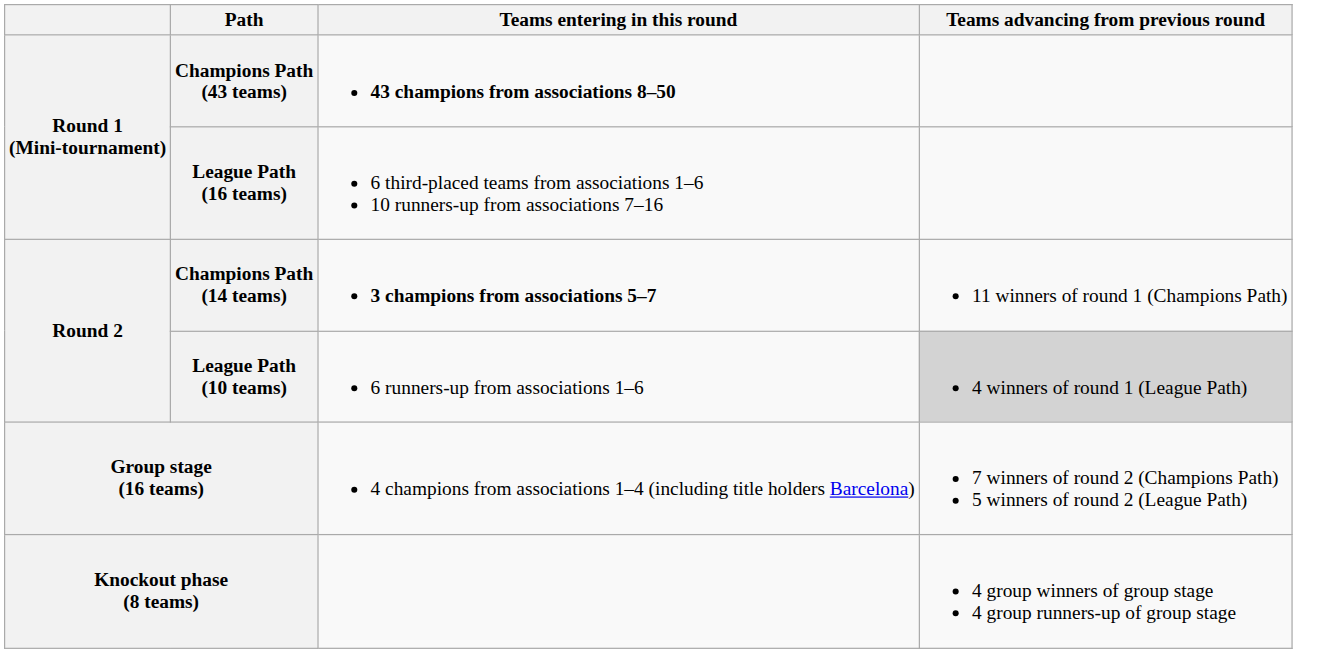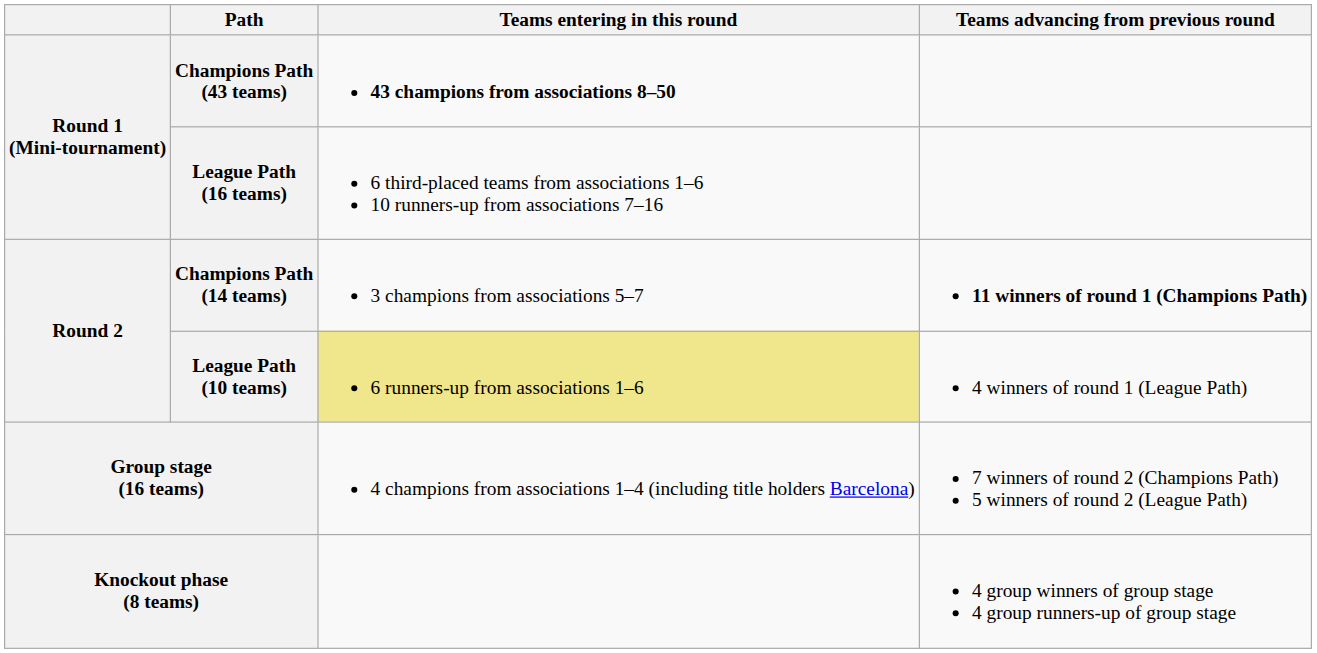 <table class="wikitable">
 <tr>
 <th></th>
 <th>Path</th>
 <th>Teams entering in this round</th>
 <th>Teams advancing from previous round</th>
 </tr>
 <tr>
 <th rowspan="2">Round 1<br>(Mini-tournament)</th>
 <th>Champions Path<br>(43 teams)</th>
 <td><strong><br><ul><li>43 champions from associations 8–50</li></ul></strong></td>
 <td></td>
 </tr>
 <tr>
 <th>League Path<br>(16 teams)</th>
 <td><br><ul><li>6 third-placed teams from associations 1–6</li><li>10 runners-up from associations 7–16</li></ul></td>
 <td></td>
 </tr>
 <tr>
 <th rowspan=2>Round 2</th>
 <th>Champions Path<br>(14 teams)</th>
-<td><strong><br><ul><li>3 champions from associations 5–7</li></ul></strong></td>
-<td><br><ul><li>11 winners of round 1 (Champions Path)</li></ul></td>
+<td><br><ul><li>3 champions from associations 5–7</li></ul></td>
+<td><strong><br><ul><li>11 winners of round 1 (Champions Path)</li></ul></strong></td>
 </tr>
 <tr>
 <th>League Path<br>(10 teams)</th>
-<td><br><ul><li>6 runners-up from associations 1–6</li></ul></td>
-<td style="background: lightgrey;"><br><ul><li>4 winners of round 1 (League Path)</li></ul></td>
+<td style="background: khaki;"><br><ul><li>6 runners-up from associations 1–6</li></ul></td>
+<td><br><ul><li>4 winners of round 1 (League Path)</li></ul></td>
 </tr>
 <tr>
 <th colspan=2>Group stage<br>(16 teams)</th>
 <td><br><ul><li>4 champions from associations 1–4 (including title holders <a href='#'>Barcelona</a>)</li></ul></td>
 <td><br><ul><li>7 winners of round 2 (Champions Path)</li><li>5 winners of round 2 (League Path)</li></ul></td>
 </tr>
 <tr>
 <th colspan=2>Knockout phase<br>(8 teams)</th>
 <td></td>
 <td><br><ul><li>4 group winners of group stage</li><li>4 group runners-up of group stage</li></ul></td>
 </tr>
 </table>
